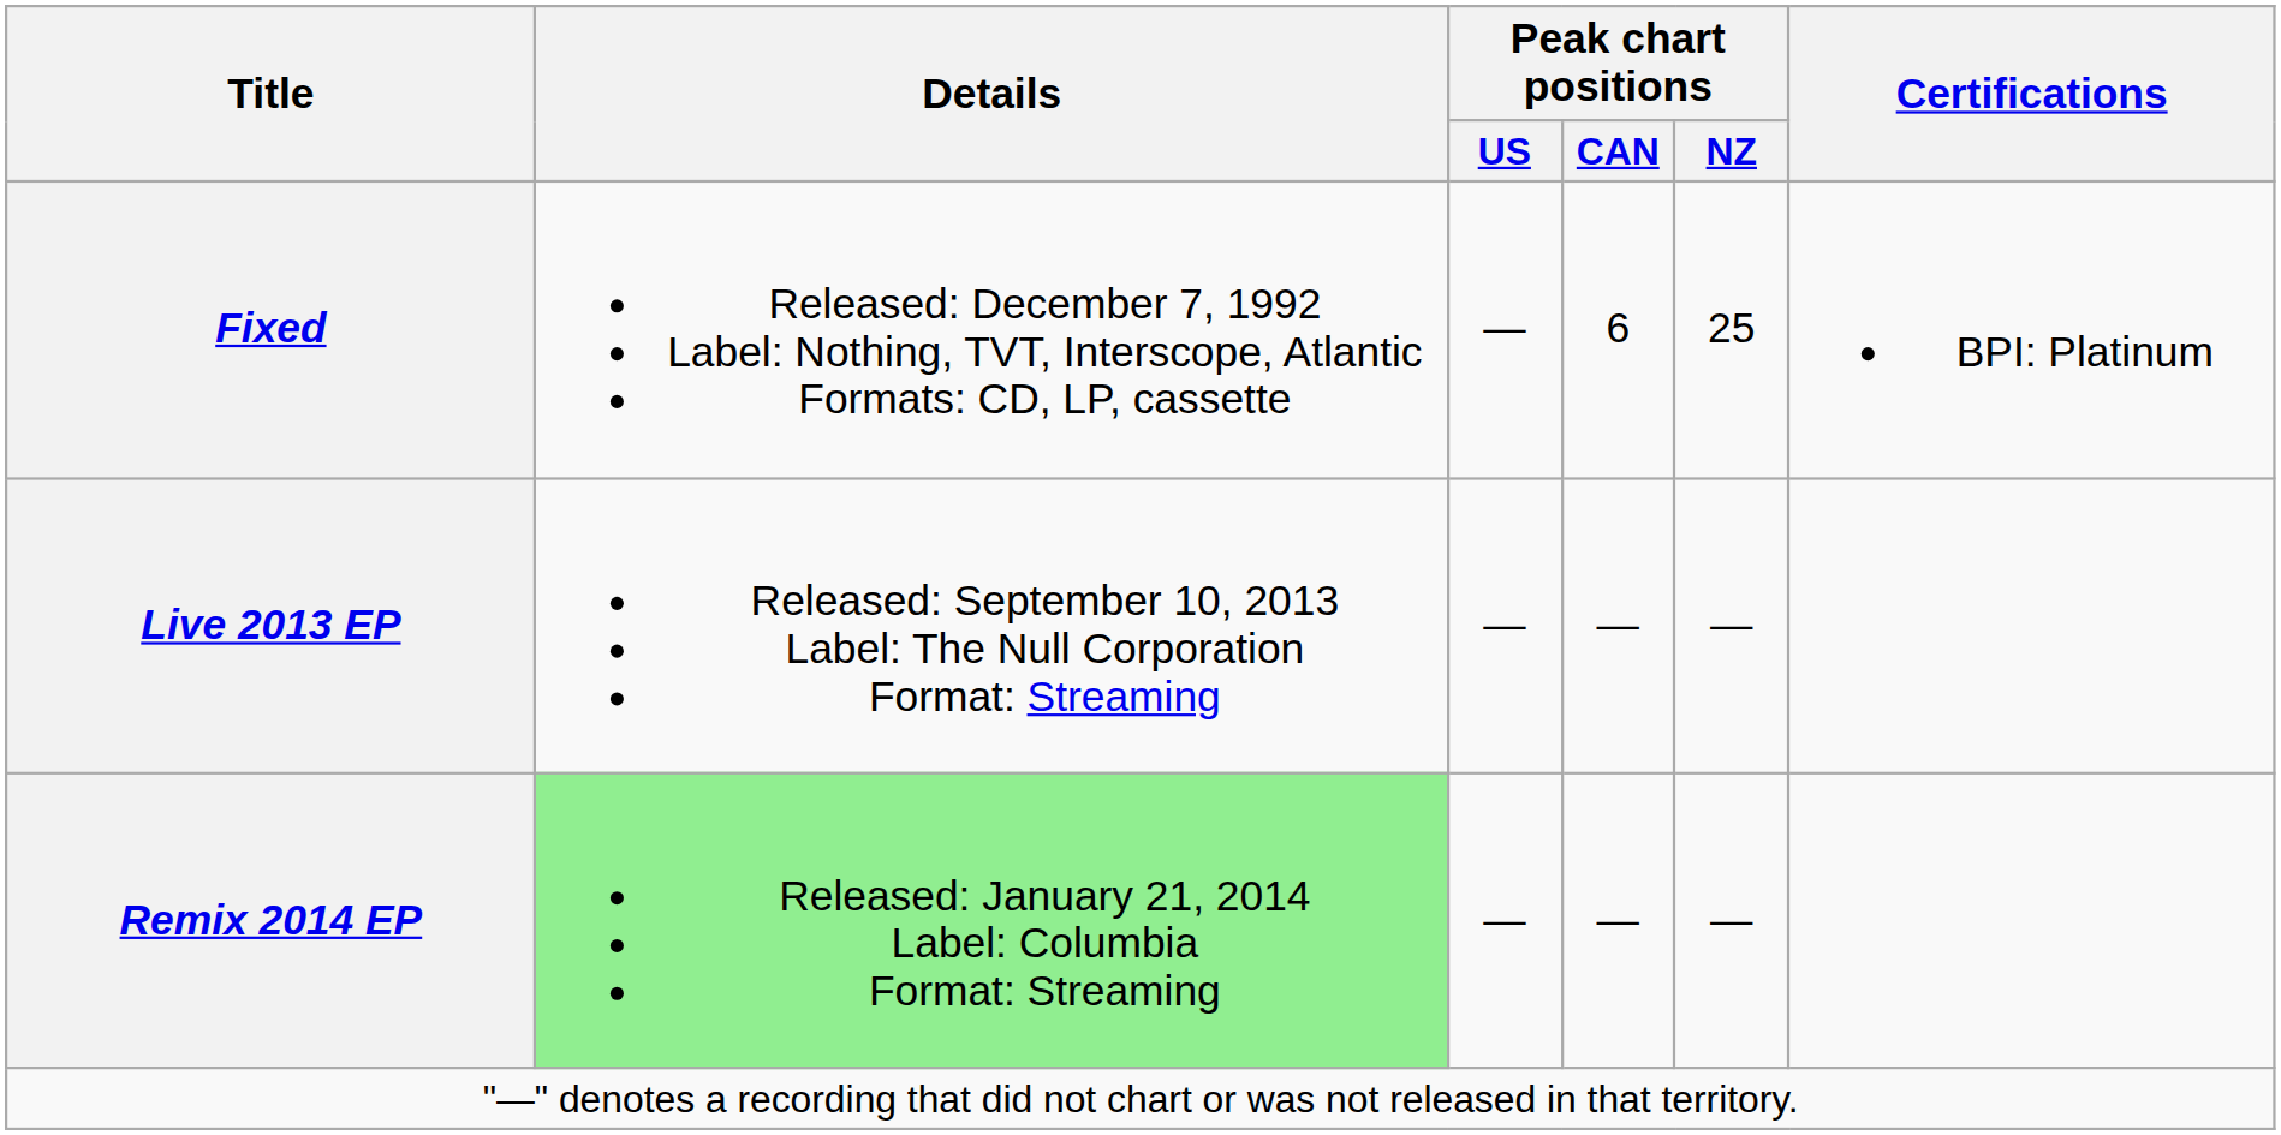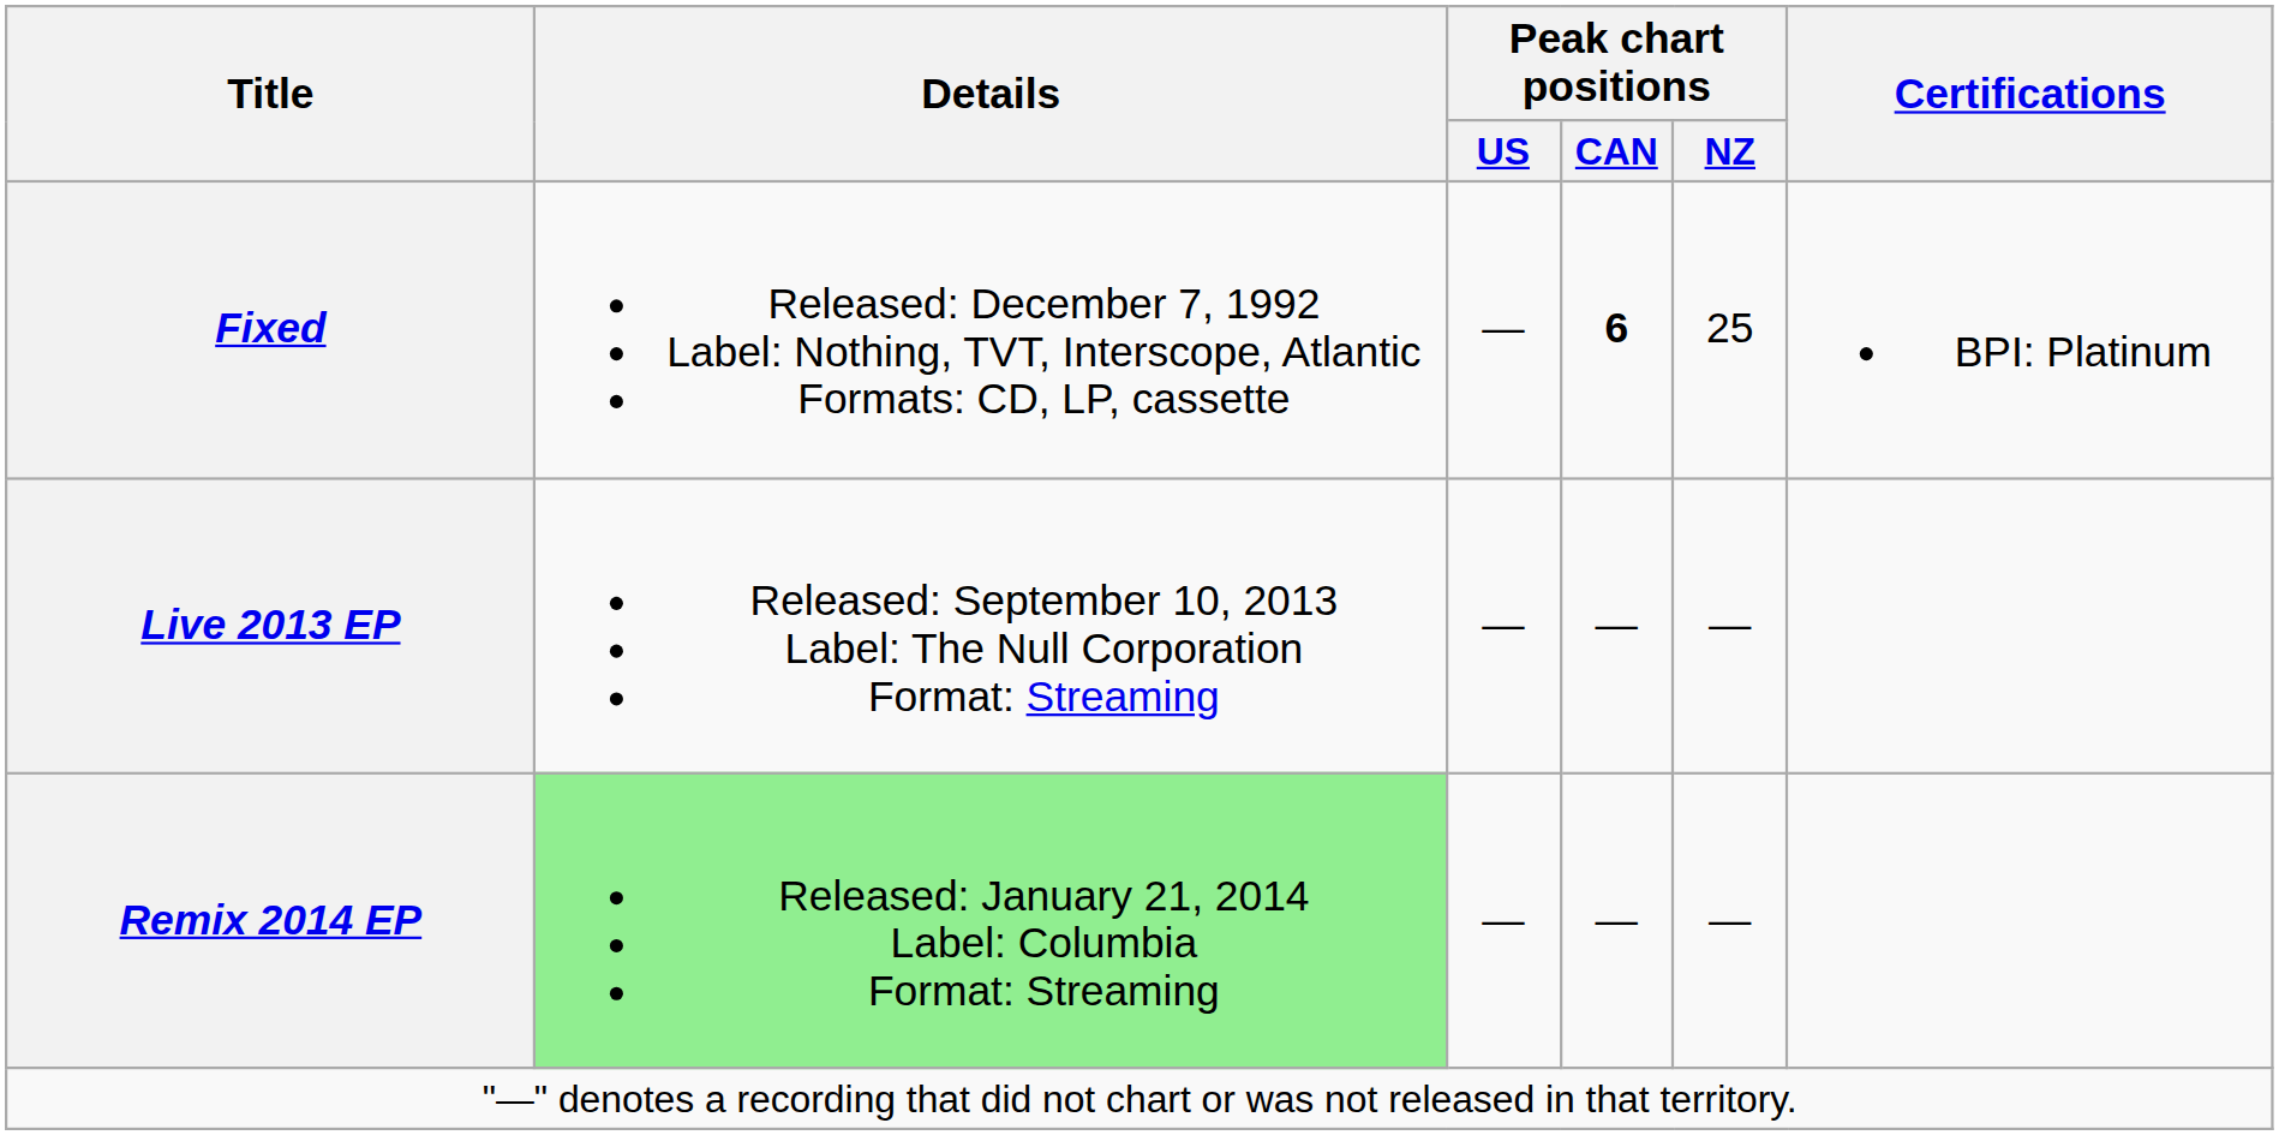 <table class="wikitable plainrowheaders" style="text-align:center;">
 <tr>
 <th scope="col" rowspan="2" style="width:12em;">Title</th>
 <th scope="col" rowspan="2" style="width:21em;">Details</th>
 <th scope="col" colspan="3">Peak chart positions</th>
 <th scope="col" rowspan="2" style="width:11em;"><a href='#'>Certifications</a></th>
 </tr>
 <tr>
 <th scope="col" style="width:2.5em;font-size:90%;"><a href='#'>US</a><br></th>
 <th scope="col" style="width:2.5em;font-size:90%;"><a href='#'>CAN</a><br></th>
 <th scope="col" style="width:2.5em;font-size:90%;"><a href='#'>NZ</a><br></th>
 </tr>
 <tr>
 <th scope="row"><em><a href='#'>Fixed</a></em></th>
 <td><br><ul><li>Released: December 7, 1992</li><li>Label: Nothing, TVT, Interscope, Atlantic</li><li>Formats: CD, LP, cassette</li></ul></td>
 <td>—</td>
-<td>6</td>
+<td><strong>6</strong></td>
 <td>25</td>
 <td><br><ul><li>BPI: Platinum</li></ul></td>
 </tr>
 <tr>
 <th scope="row"><em><a href='#'>Live 2013 EP</a></em></th>
 <td><br><ul><li>Released: September 10, 2013</li><li>Label: The Null Corporation</li><li>Format: <a href='#'>Streaming</a></li></ul></td>
 <td>—</td>
 <td>—</td>
 <td>—</td>
 <td></td>
 </tr>
 <tr>
 <th scope="row"><em><a href='#'>Remix 2014 EP</a></em></th>
 <td style="background: lightgreen;"><br><ul><li>Released: January 21, 2014</li><li>Label: Columbia</li><li>Format: Streaming</li></ul></td>
 <td>—</td>
 <td>—</td>
 <td>—</td>
 <td></td>
 </tr>
 <tr>
 <td colspan="9" style="font-size:90%">"—" denotes a recording that did not chart or was not released in that territory.</td>
 </tr>
 </table>
